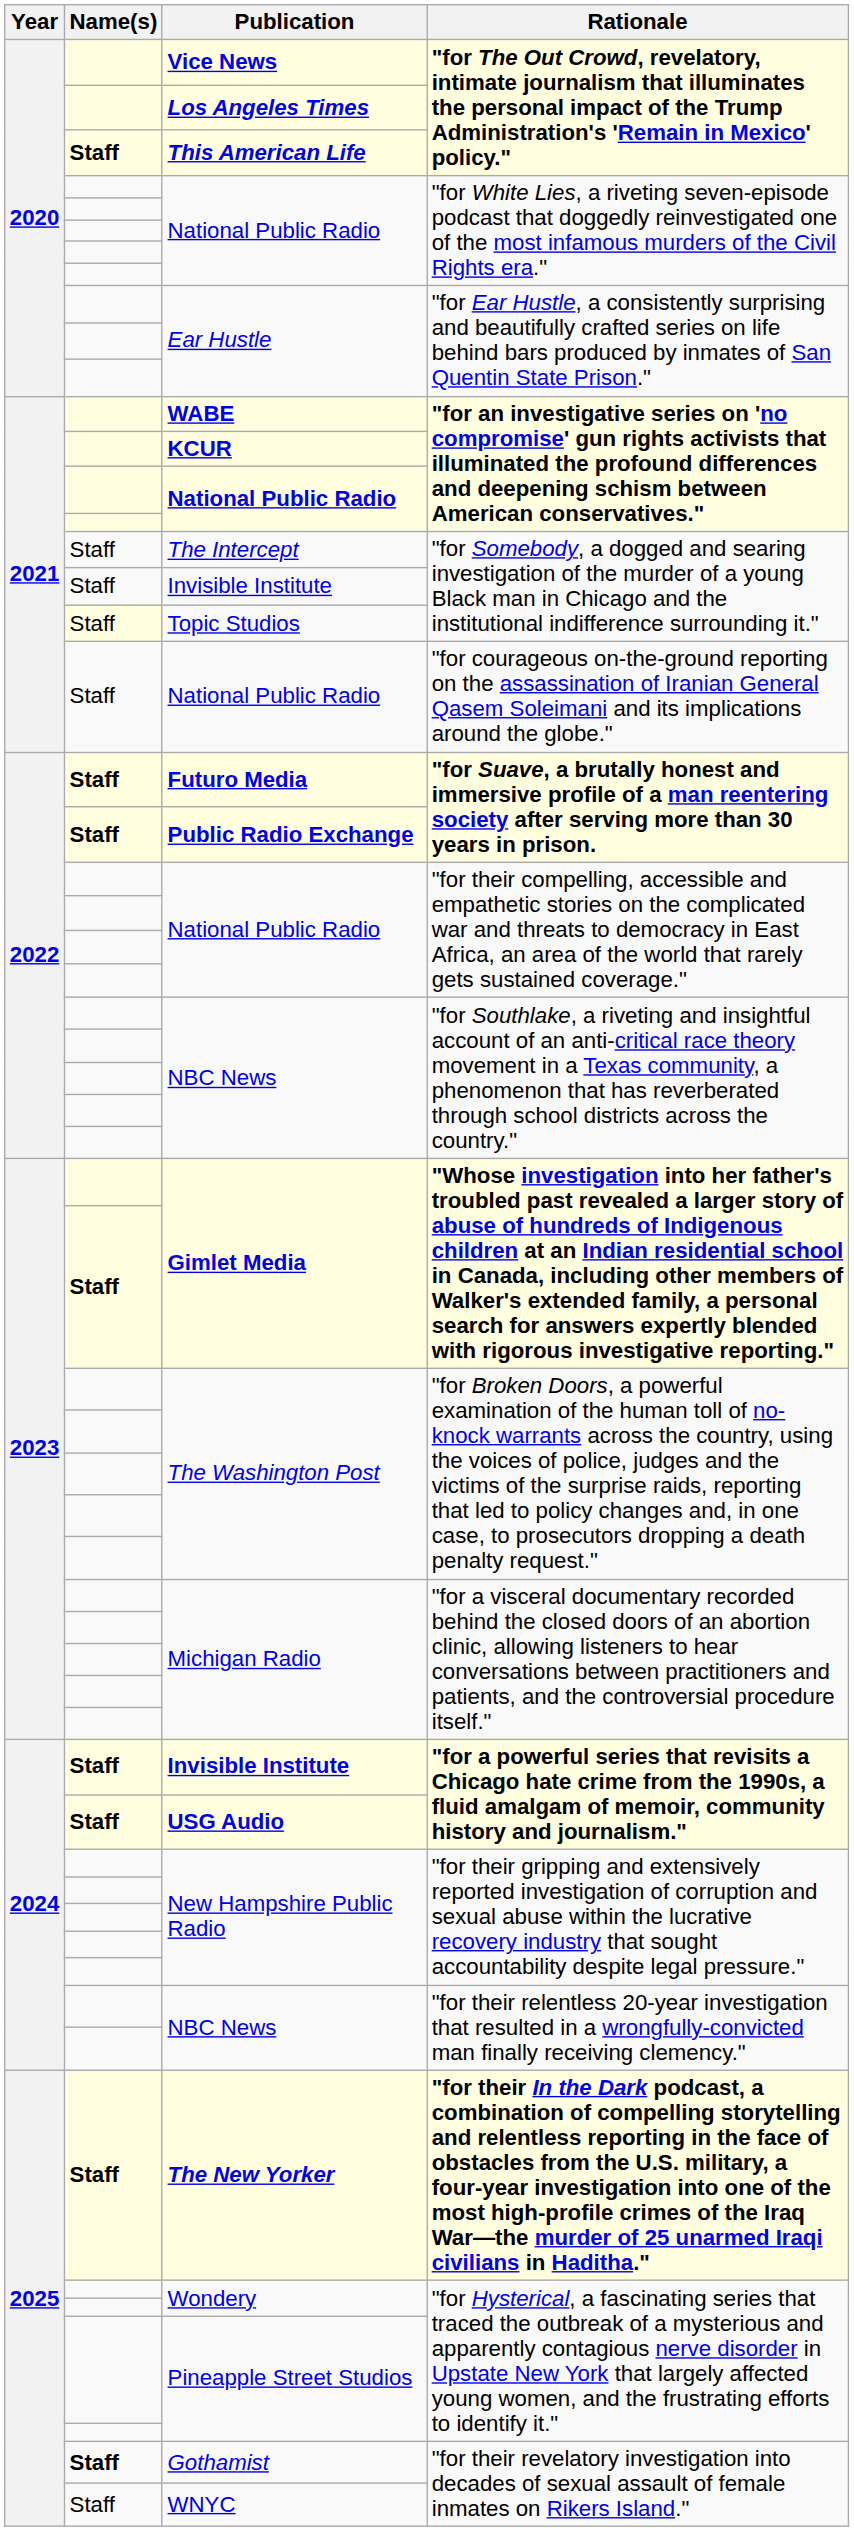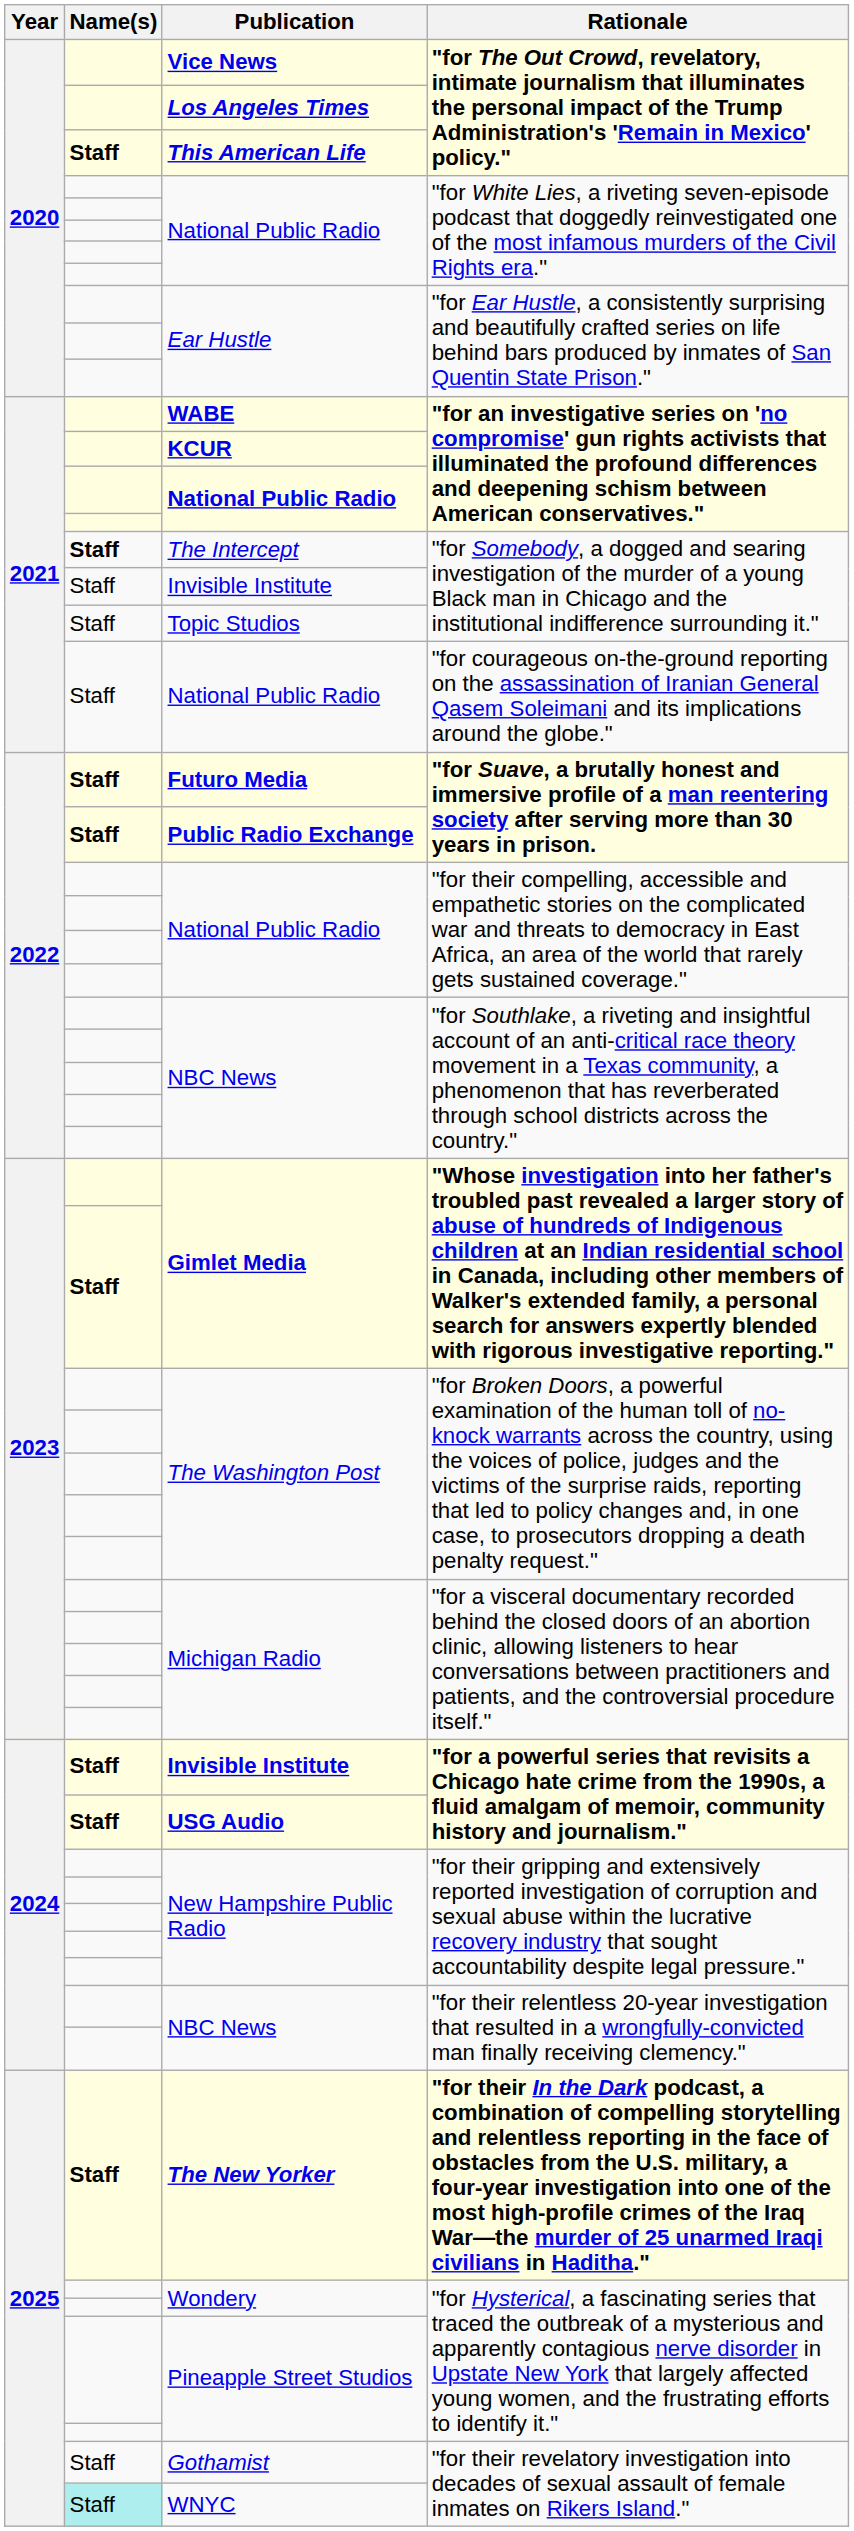 <table class="wikitable sortable">
 <tr style="vertical-align:bottom;">
 <th>Year</th>
 <th>Name(s)</th>
 <th>Publication</th>
 <th width=50%>Rationale</th>
 </tr>
 <tr style="background-color:lightyellow;">
 <th rowspan=11><strong><a href='#'>2020</a></strong></th>
 <td><strong></strong></td>
 <td><strong><a href='#'>Vice News</a></strong></td>
 <td rowspan=3><strong>"for <em>The Out Crowd</em>, revelatory, intimate journalism that illuminates the personal impact of the Trump Administration's '<a href='#'>Remain in Mexico</a>' policy."</strong></td>
 </tr>
 <tr style="background-color:lightyellow;">
 <td><strong></strong></td>
 <td><strong><em><a href='#'>Los Angeles Times</a></em></strong></td>
 </tr>
 <tr style="background-color:lightyellow;">
 <td><strong>Staff</strong></td>
 <td><strong><em><a href='#'>This American Life</a></em></strong></td>
 </tr>
 <tr>
 <td></td>
 <td rowspan=5><a href='#'>National Public Radio</a></td>
 <td rowspan=5>"for <em>White Lies</em>, a riveting seven-episode podcast that doggedly reinvestigated one of the <a href='#'>most infamous murders of the Civil Rights era</a>."</td>
 </tr>
 <tr>
 <td></td>
 </tr>
 <tr>
 <td></td>
 </tr>
 <tr>
 <td></td>
 </tr>
 <tr>
 <td></td>
 </tr>
 <tr>
 <td></td>
 <td rowspan=3><em><a href='#'>Ear Hustle</a></em></td>
 <td rowspan=3>"for <em><a href='#'>Ear Hustle</a></em>, a consistently surprising and beautifully crafted series on life behind bars produced by inmates of <a href='#'>San Quentin State Prison</a>."</td>
 </tr>
 <tr>
 <td></td>
 </tr>
 <tr>
 <td></td>
 </tr>
 <tr style="background-color:lightyellow;">
 <th rowspan=8><strong><a href='#'>2021</a></strong></th>
 <td><strong></strong></td>
 <td><strong><a href='#'>WABE</a></strong></td>
 <td rowspan=4><strong>"for an investigative series on '<a href='#'>no compromise</a>' gun rights activists that illuminated the profound differences and deepening schism between American conservatives."</strong></td>
 </tr>
 <tr style="background-color:lightyellow;">
 <td><strong></strong></td>
 <td><strong><a href='#'>KCUR</a></strong></td>
 </tr>
 <tr style="background-color:lightyellow;">
 <td><strong></strong></td>
 <td rowspan=2><strong><a href='#'>National Public Radio</a></strong></td>
 </tr>
 <tr style="background-color:lightyellow;">
 <td><strong></strong></td>
 </tr>
 <tr>
-<td>Staff</td>
+<td><strong>Staff</strong></td>
 <td><em><a href='#'>The Intercept</a></em></td>
 <td rowspan=3>"for <em><a href='#'>Somebody</a></em>, a dogged and searing investigation of the murder of a young Black man in Chicago and the institutional indifference surrounding it."</td>
 </tr>
 <tr>
 <td>Staff</td>
 <td><a href='#'>Invisible Institute</a></td>
 </tr>
 <tr>
-<td style="background: lightyellow;">Staff</td>
+<td>Staff</td>
 <td><a href='#'>Topic Studios</a></td>
 </tr>
 <tr>
 <td>Staff</td>
 <td><a href='#'>National Public Radio</a></td>
 <td>"for courageous on-the-ground reporting on the <a href='#'>assassination of Iranian General Qasem Soleimani</a> and its implications around the globe."</td>
 </tr>
 <tr style="background-color:lightyellow;">
 <th rowspan=11><strong><a href='#'>2022</a></strong></th>
 <td><strong>Staff</strong></td>
 <td><strong><a href='#'>Futuro Media</a></strong></td>
 <td rowspan=2><strong>"for <em>Suave</em>, a brutally honest and immersive profile of a <a href='#'>man reentering society</a> after serving more than 30 years in prison.</strong></td>
 </tr>
 <tr style="background-color:lightyellow;">
 <td><strong>Staff</strong></td>
 <td><strong><a href='#'>Public Radio Exchange</a></strong></td>
 </tr>
 <tr>
 <td></td>
 <td rowspan=4><a href='#'>National Public Radio</a></td>
 <td rowspan=4>"for their compelling, accessible and empathetic stories on the complicated war and threats to democracy in East Africa, an area of the world that rarely gets sustained coverage."</td>
 </tr>
 <tr>
 <td></td>
 </tr>
 <tr>
 <td></td>
 </tr>
 <tr>
 <td></td>
 </tr>
 <tr>
 <td></td>
 <td rowspan=5><a href='#'>NBC News</a></td>
 <td rowspan=5>"for <em>Southlake</em>, a riveting and insightful account of an anti-<a href='#'>critical race theory</a> movement in a <a href='#'>Texas community</a>, a phenomenon that has reverberated through school districts across the country."</td>
 </tr>
 <tr>
 <td></td>
 </tr>
 <tr>
 <td></td>
 </tr>
 <tr>
 <td></td>
 </tr>
 <tr>
 <td></td>
 </tr>
 <tr style="background-color:lightyellow;">
 <th rowspan=12><strong><a href='#'>2023</a></strong></th>
 <td><strong></strong></td>
 <td rowspan=2><strong><a href='#'>Gimlet Media</a></strong></td>
 <td rowspan=2><strong>"Whose <a href='#'>investigation</a> into her father's troubled past revealed a larger story of <a href='#'>abuse of hundreds of Indigenous children</a> at an <a href='#'>Indian residential school</a> in Canada, including other members of Walker's extended family, a personal search for answers expertly blended with rigorous investigative reporting."</strong></td>
 </tr>
 <tr style="background-color:lightyellow;">
 <td><strong>Staff</strong></td>
 </tr>
 <tr>
 <td></td>
 <td rowspan=5><em><a href='#'>The Washington Post</a></em></td>
 <td rowspan=5>"for <em>Broken Doors</em>, a powerful examination of the human toll of <a href='#'>no-knock warrants</a> across the country, using the voices of police, judges and the victims of the surprise raids, reporting that led to policy changes and, in one case, to prosecutors dropping a death penalty request."</td>
 </tr>
 <tr>
 <td></td>
 </tr>
 <tr>
 <td></td>
 </tr>
 <tr>
 <td></td>
 </tr>
 <tr>
 <td></td>
 </tr>
 <tr>
 <td></td>
 <td rowspan=5><a href='#'>Michigan Radio</a></td>
 <td rowspan=5>"for a visceral documentary recorded behind the closed doors of an abortion clinic, allowing listeners to hear conversations between practitioners and patients, and the controversial procedure itself."</td>
 </tr>
 <tr>
 <td></td>
 </tr>
 <tr>
 <td></td>
 </tr>
 <tr>
 <td></td>
 </tr>
 <tr>
 <td></td>
 </tr>
 <tr style="background-color:lightyellow;">
 <th rowspan=9><strong><a href='#'>2024</a></strong></th>
 <td><strong>Staff</strong></td>
 <td><strong><a href='#'>Invisible Institute</a></strong></td>
 <td rowspan=2><strong>"for a powerful series that revisits a Chicago hate crime from the 1990s, a fluid amalgam of memoir, community history and journalism."</strong></td>
 </tr>
 <tr style="background-color:lightyellow;">
 <td><strong>Staff</strong></td>
 <td><strong><a href='#'>USG Audio</a></strong></td>
 </tr>
 <tr>
 <td></td>
 <td rowspan=5><a href='#'>New Hampshire Public Radio</a></td>
 <td rowspan=5>"for their gripping and extensively reported investigation of corruption and sexual abuse within the lucrative <a href='#'>recovery industry</a> that sought accountability despite legal pressure."</td>
 </tr>
 <tr>
 <td></td>
 </tr>
 <tr>
 <td></td>
 </tr>
 <tr>
 <td></td>
 </tr>
 <tr>
 <td></td>
 </tr>
 <tr>
 <td></td>
 <td rowspan=2><a href='#'>NBC News</a></td>
 <td rowspan=2>"for their relentless 20-year investigation that resulted in a <a href='#'>wrongfully-convicted</a> man finally receiving clemency."</td>
 </tr>
 <tr>
 <td></td>
 </tr>
 <tr style="background-color:lightyellow;">
 <th rowspan=7><strong><a href='#'>2025</a></strong></th>
 <td><strong>Staff</strong></td>
 <td><strong><em><a href='#'>The New Yorker</a></em></strong></td>
 <td><strong>"for their <em><a href='#'>In the Dark</a></em> podcast, a combination of compelling storytelling and relentless reporting in the face of obstacles from the U.S. military, a four-year investigation into one of the most high-profile crimes of the Iraq War—the <a href='#'>murder of 25 unarmed Iraqi civilians</a> in <a href='#'>Haditha</a>."</strong></td>
 </tr>
 <tr>
 <td></td>
 <td rowspan=2><a href='#'>Wondery</a></td>
 <td rowspan=4>"for <em><a href='#'>Hysterical</a></em>, a fascinating series that traced the outbreak of a mysterious and apparently contagious <a href='#'>nerve disorder</a> in <a href='#'>Upstate New York</a> that largely affected young women, and the frustrating efforts to identify it."</td>
 </tr>
 <tr>
 <td></td>
 </tr>
 <tr>
 <td></td>
 <td rowspan=2><a href='#'>Pineapple Street Studios</a></td>
 </tr>
 <tr>
 <td></td>
 </tr>
 <tr>
-<td><strong>Staff</strong></td>
+<td>Staff</td>
 <td><em><a href='#'>Gothamist</a></em></td>
 <td rowspan=2>"for their revelatory investigation into decades of sexual assault of female inmates on <a href='#'>Rikers Island</a>."</td>
 </tr>
 <tr>
-<td>Staff</td>
+<td style="background: paleturquoise;">Staff</td>
 <td><a href='#'>WNYC</a></td>
 </tr>
 </table>
